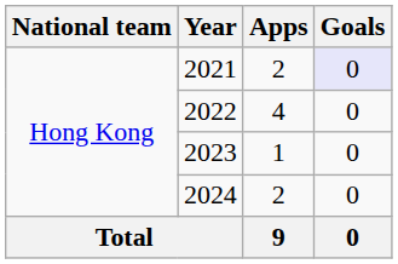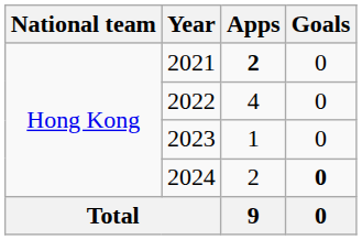 <table class="wikitable" style="text-align:center">
 <tr>
 <th>National team</th>
 <th>Year</th>
 <th>Apps</th>
 <th>Goals</th>
 </tr>
 <tr>
 <td rowspan="4"><a href='#'>Hong Kong</a></td>
 <td>2021</td>
-<td>2</td>
-<td style="background: lavender;">0</td>
+<td><strong>2</strong></td>
+<td>0</td>
 </tr>
 <tr>
 <td>2022</td>
 <td>4</td>
 <td>0</td>
 </tr>
 <tr>
 <td>2023</td>
 <td>1</td>
 <td>0</td>
 </tr>
 <tr>
 <td>2024</td>
 <td>2</td>
-<td>0</td>
+<td><strong>0</strong></td>
 </tr>
 <tr>
 <th colspan=2>Total</th>
 <th>9</th>
 <th>0</th>
 </tr>
 </table>
